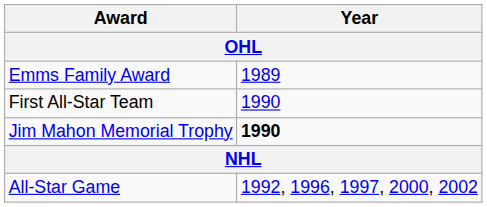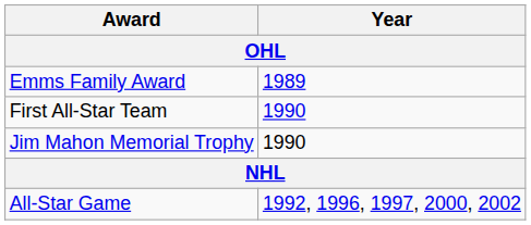 <table class="wikitable">
 <tr>
 <th>Award</th>
 <th>Year</th>
 </tr>
 <tr>
 <th colspan="2"><a href='#'>OHL</a></th>
 </tr>
 <tr>
 <td><a href='#'>Emms Family Award</a></td>
 <td><a href='#'>1989</a></td>
 </tr>
 <tr>
 <td>First All-Star Team</td>
 <td><a href='#'>1990</a></td>
 </tr>
 <tr>
 <td><a href='#'>Jim Mahon Memorial Trophy</a></td>
-<td><strong>1990</strong></td>
+<td>1990</td>
 </tr>
 <tr>
 <th colspan="2"><a href='#'>NHL</a></th>
 </tr>
 <tr>
 <td><a href='#'>All-Star Game</a></td>
 <td><a href='#'>1992</a>, <a href='#'>1996</a>, <a href='#'>1997</a>, <a href='#'>2000</a>, <a href='#'>2002</a></td>
 </tr>
 </table>
